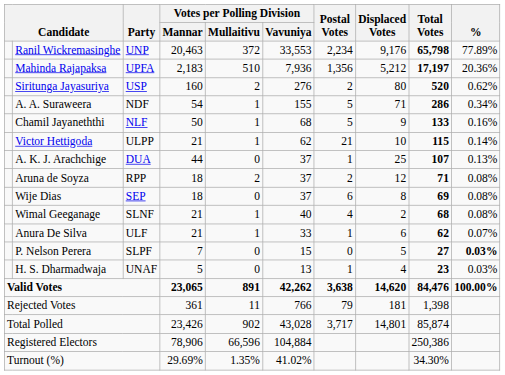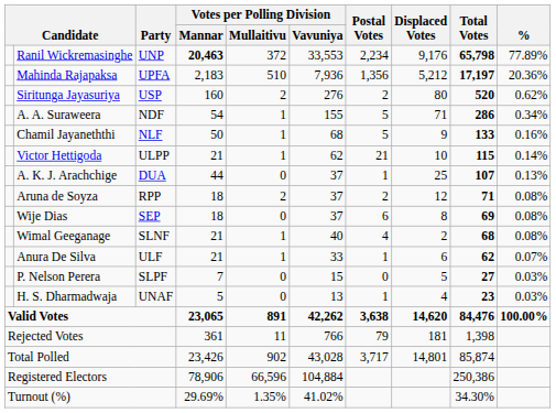 <table class="wikitable" border="1" style="text-align:right;">
 <tr>
 <th align=left valign=bottom rowspan=2 colspan=2>Candidate</th>
 <th align=left valign=bottom rowspan=2 width="40">Party</th>
 <th colspan=3>Votes per Polling Division</th>
 <th align=center valign=bottom rowspan=2 width="50">Postal<br>Votes</th>
 <th align=center valign=bottom rowspan=2 width="50">Displaced<br>Votes</th>
 <th align=center valign=bottom rowspan=2 width="50">Total Votes</th>
 <th align=center valign=bottom rowspan=2 width="50">%</th>
 </tr>
 <tr>
 <th align=center valign=bottom width="50">Mannar</th>
 <th align=center valign=bottom width="50">Mullaitivu</th>
 <th align=center valign=bottom width="50">Vavuniya</th>
 </tr>
 <tr>
 <td bgcolor=> </td>
 <td align=left><a href='#'>Ranil Wickremasinghe</a></td>
 <td align=left><a href='#'>UNP</a></td>
-<td>20,463</td>
+<td><strong>20,463</strong></td>
 <td>372</td>
 <td>33,553</td>
 <td>2,234</td>
 <td>9,176</td>
 <td><strong>65,798</strong></td>
 <td>77.89%</td>
 </tr>
 <tr>
 <td bgcolor=> </td>
 <td align=left><a href='#'>Mahinda Rajapaksa</a></td>
 <td align=left><a href='#'>UPFA</a></td>
 <td>2,183</td>
 <td>510</td>
 <td>7,936</td>
 <td>1,356</td>
 <td>5,212</td>
 <td><strong>17,197</strong></td>
 <td>20.36%</td>
 </tr>
 <tr>
 <td bgcolor=> </td>
 <td align=left><a href='#'>Siritunga Jayasuriya</a></td>
 <td align=left><a href='#'>USP</a></td>
 <td>160</td>
 <td>2</td>
 <td>276</td>
 <td>2</td>
 <td>80</td>
 <td><strong>520</strong></td>
 <td>0.62%</td>
 </tr>
 <tr>
 <td></td>
 <td align=left>A. A. Suraweera</td>
 <td align=left>NDF</td>
 <td>54</td>
 <td>1</td>
 <td>155</td>
 <td>5</td>
 <td>71</td>
 <td><strong>286</strong></td>
 <td>0.34%</td>
 </tr>
 <tr>
 <td bgcolor=> </td>
 <td align=left>Chamil Jayaneththi</td>
 <td align=left><a href='#'>NLF</a></td>
 <td>50</td>
 <td>1</td>
 <td>68</td>
 <td>5</td>
 <td>9</td>
 <td><strong>133</strong></td>
 <td>0.16%</td>
 </tr>
 <tr>
 <td></td>
 <td align=left><a href='#'>Victor Hettigoda</a></td>
 <td align=left>ULPP</td>
 <td>21</td>
 <td>1</td>
 <td>62</td>
 <td>21</td>
 <td>10</td>
 <td><strong>115</strong></td>
 <td>0.14%</td>
 </tr>
 <tr>
 <td bgcolor=> </td>
 <td align=left>A. K. J. Arachchige</td>
 <td align=left><a href='#'>DUA</a></td>
 <td>44</td>
 <td>0</td>
 <td>37</td>
 <td>1</td>
 <td>25</td>
 <td><strong>107</strong></td>
 <td>0.13%</td>
 </tr>
 <tr>
 <td></td>
 <td align=left>Aruna de Soyza</td>
 <td align=left>RPP</td>
 <td>18</td>
 <td>2</td>
 <td>37</td>
 <td>2</td>
 <td>12</td>
 <td><strong>71</strong></td>
 <td>0.08%</td>
 </tr>
 <tr>
 <td bgcolor=> </td>
 <td align=left>Wije Dias</td>
 <td align=left><a href='#'>SEP</a></td>
 <td>18</td>
 <td>0</td>
 <td>37</td>
 <td>6</td>
 <td>8</td>
 <td><strong>69</strong></td>
 <td>0.08%</td>
 </tr>
 <tr>
 <td></td>
 <td align=left>Wimal Geeganage</td>
 <td align=left>SLNF</td>
 <td>21</td>
 <td>1</td>
 <td>40</td>
 <td>4</td>
 <td>2</td>
 <td><strong>68</strong></td>
 <td>0.08%</td>
 </tr>
 <tr>
 <td></td>
 <td align=left>Anura De Silva</td>
 <td align=left>ULF</td>
 <td>21</td>
 <td>1</td>
 <td>33</td>
 <td>1</td>
 <td>6</td>
 <td><strong>62</strong></td>
 <td>0.07%</td>
 </tr>
 <tr>
 <td></td>
 <td align=left>P. Nelson Perera</td>
 <td align=left>SLPF</td>
 <td>7</td>
 <td>0</td>
 <td>15</td>
 <td>0</td>
 <td>5</td>
 <td><strong>27</strong></td>
-<td><strong>0.03%</strong></td>
+<td>0.03%</td>
 </tr>
 <tr>
 <td></td>
 <td align=left>H. S. Dharmadwaja</td>
 <td align=left>UNAF</td>
 <td>5</td>
 <td>0</td>
 <td>13</td>
 <td>1</td>
 <td>4</td>
 <td><strong>23</strong></td>
 <td>0.03%</td>
 </tr>
 <tr>
 <td align=left colspan=3><strong>Valid Votes</strong></td>
 <td><strong>23,065</strong></td>
 <td><strong>891</strong></td>
 <td><strong>42,262</strong></td>
 <td><strong>3,638</strong></td>
 <td><strong>14,620</strong></td>
 <td><strong>84,476</strong></td>
 <td><strong>100.00%</strong></td>
 </tr>
 <tr>
 <td align=left colspan=3>Rejected Votes</td>
 <td>361</td>
 <td>11</td>
 <td>766</td>
 <td>79</td>
 <td>181</td>
 <td>1,398</td>
 <td></td>
 </tr>
 <tr>
 <td align=left colspan=3>Total Polled</td>
 <td>23,426</td>
 <td>902</td>
 <td>43,028</td>
 <td>3,717</td>
 <td>14,801</td>
 <td>85,874</td>
 <td></td>
 </tr>
 <tr>
 <td align=left colspan=3>Registered Electors</td>
 <td>78,906</td>
 <td>66,596</td>
 <td>104,884</td>
 <td></td>
 <td></td>
 <td>250,386</td>
 <td></td>
 </tr>
 <tr>
 <td align=left colspan=3>Turnout (%)</td>
 <td>29.69%</td>
 <td>1.35%</td>
 <td>41.02%</td>
 <td></td>
 <td></td>
 <td>34.30%</td>
 <td></td>
 </tr>
 </table>
